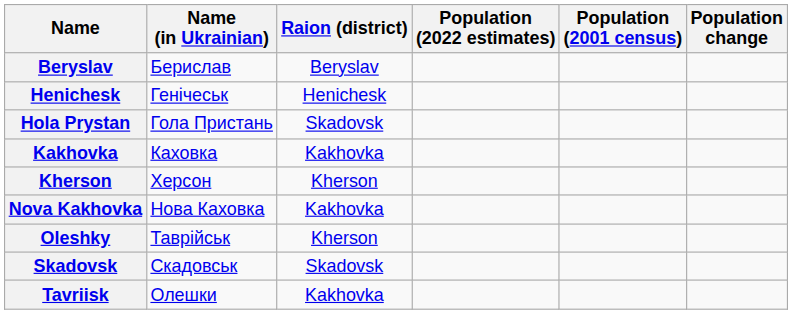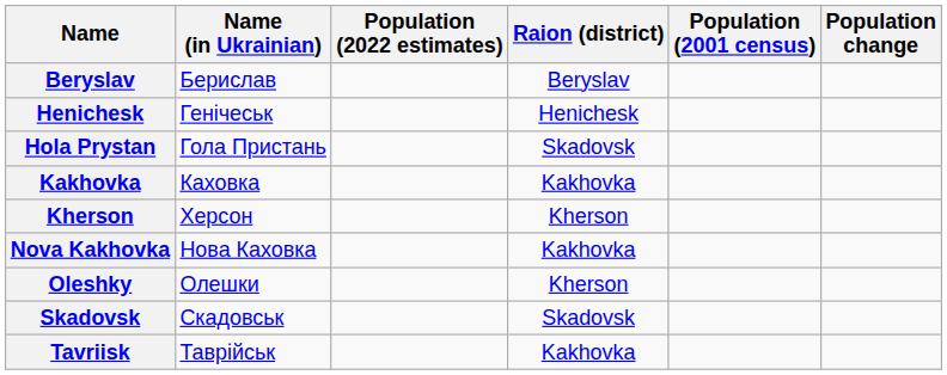 <table class="wikitable sortable" id="Table of cities" caption="Tabulated list of cities in ">
 <tr>
 <th scope="col">Name</th>
 <th scope="col">Name<br>(in <a href='#'>Ukrainian</a>)</th>
+<th scope="col">Population<br>(2022 estimates)</th>
 <th scope="col"><a href='#'>Raion</a> (district)</th>
-<th scope="col">Population<br>(2022 estimates)</th>
 <th scope="col">Population<br>(<a href='#'>2001 census</a>)</th>
 <th scope="col">Population<br>change</th>
 </tr>
 <tr>
 <th scope="row" align="left"><a href='#'>Beryslav</a></th>
 <td><a href='#'>Берислав</a></td>
+<td align=right></td>
 <td align=center><a href='#'>Beryslav</a></td>
-<td align=right></td>
 <td align=right></td>
 <td align=right></td>
 </tr>
 <tr>
 <th scope="row" align="left"><a href='#'>Henichesk</a></th>
 <td><a href='#'>Генічеськ</a></td>
+<td align=right></td>
 <td align=center><a href='#'>Henichesk</a></td>
-<td align=right></td>
 <td align=right></td>
 <td align=right></td>
 </tr>
 <tr>
 <th scope="row" align="left"><a href='#'>Hola Prystan</a></th>
 <td><a href='#'>Гола Пристань</a></td>
+<td align=right></td>
 <td align=center><a href='#'>Skadovsk</a></td>
-<td align=right></td>
 <td align=right></td>
 <td align=right></td>
 </tr>
 <tr>
 <th scope="row" align="left"><a href='#'>Kakhovka</a></th>
 <td><a href='#'>Каховка</a></td>
+<td align=right></td>
 <td align=center><a href='#'>Kakhovka</a></td>
-<td align=right></td>
 <td align=right></td>
 <td align=right></td>
 </tr>
 <tr>
 <th scope="row" align="left"><a href='#'>Kherson</a></th>
 <td><a href='#'>Херсон</a></td>
+<td align=right></td>
 <td align=center><a href='#'>Kherson</a></td>
-<td align=right></td>
 <td align=right></td>
 <td align=right></td>
 </tr>
 <tr>
 <th scope="row" align="left"><a href='#'>Nova Kakhovka</a></th>
 <td><a href='#'>Нова Каховка</a></td>
+<td align=right></td>
 <td align=center><a href='#'>Kakhovka</a></td>
-<td align=right></td>
 <td align=right></td>
 <td align=right></td>
 </tr>
 <tr>
 <th scope="row" align="left"><a href='#'>Oleshky</a></th>
-<td><a href='#'>Таврійськ</a></td>
+<td><a href='#'>Олешки</a></td>
+<td align=right></td>
 <td align=center><a href='#'>Kherson</a></td>
-<td align=right></td>
 <td align=right></td>
 <td align=right></td>
 </tr>
 <tr>
 <th scope="row" align="left"><a href='#'>Skadovsk</a></th>
 <td><a href='#'>Скадовськ</a></td>
+<td align=right></td>
 <td align=center><a href='#'>Skadovsk</a></td>
-<td align=right></td>
 <td align=right></td>
 <td align=right></td>
 </tr>
 <tr>
 <th scope="row" align="left"><a href='#'>Tavriisk</a></th>
-<td><a href='#'>Олешки</a></td>
+<td><a href='#'>Таврійськ</a></td>
+<td align=right></td>
 <td align=center><a href='#'>Kakhovka</a></td>
-<td align=right></td>
 <td align=right></td>
 <td align=right></td>
 </tr>
 </table>
